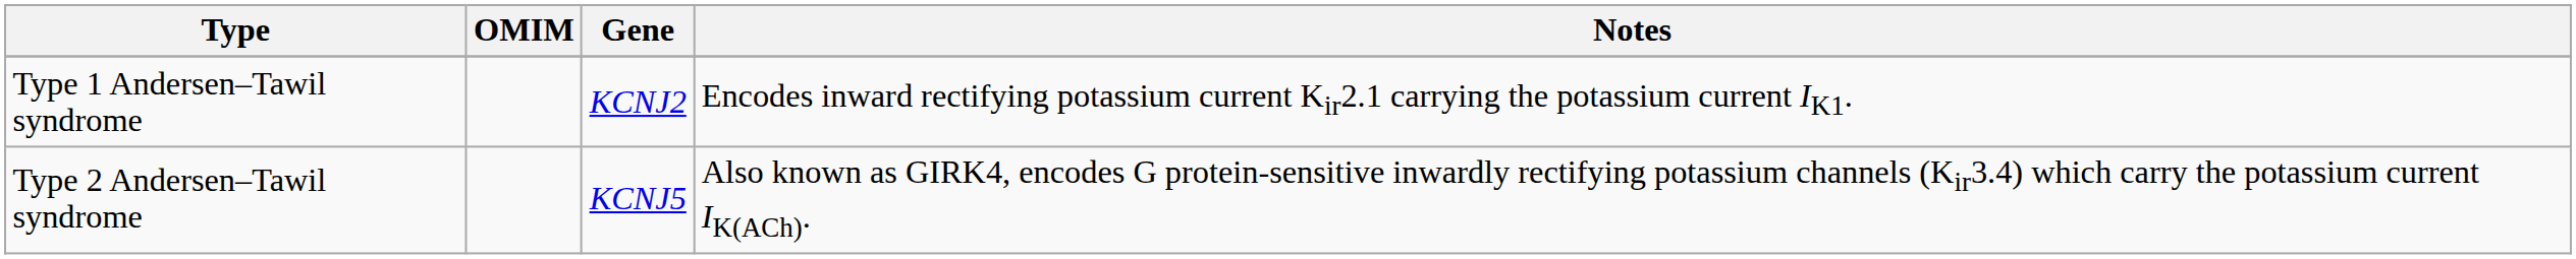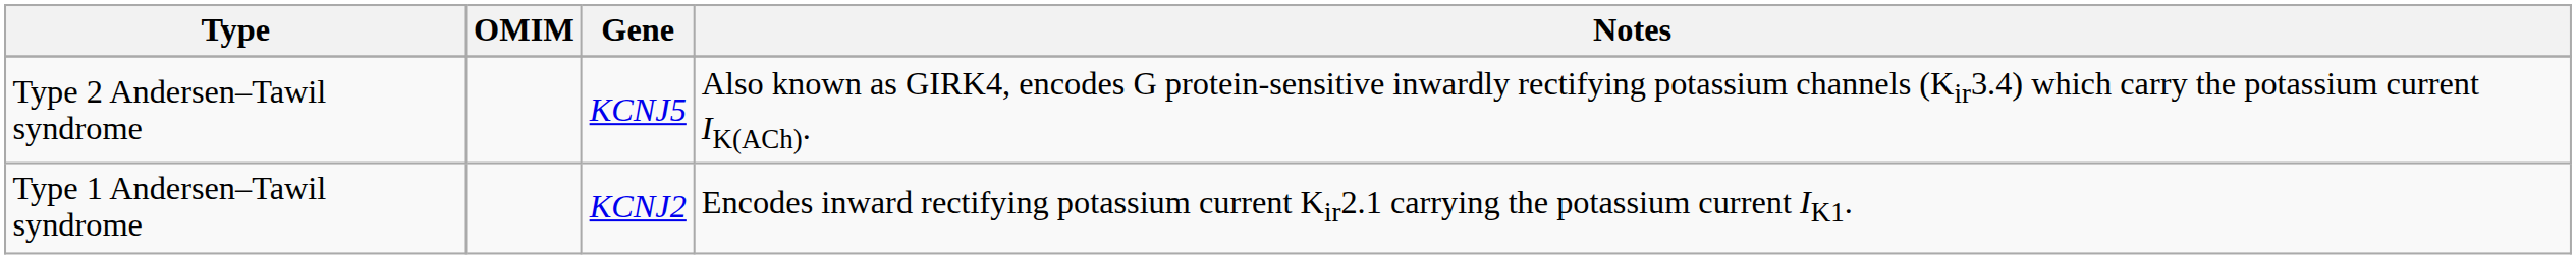 <table class="wikitable">
 <tr>
 <th>Type</th>
 <th>OMIM</th>
 <th>Gene</th>
 <th>Notes</th>
 </tr>
 <tr>
 </tr>
 <tr>
+<td>Type 2 Andersen–Tawil syndrome</td>
+<td></td>
+<td><em><a href='#'>KCNJ5</a></em></td>
+<td>Also known as GIRK4, encodes G protein-sensitive inwardly rectifying potassium channels (K<sub>ir</sub>3.4) which carry the potassium current <em>I</em><sub>K(ACh)</sub>.</td>
+</tr>
+<tr>
 <td>Type 1 Andersen–Tawil syndrome</td>
 <td></td>
 <td><em><a href='#'>KCNJ2</a></em></td>
 <td>Encodes inward rectifying potassium current K<sub>ir</sub>2.1 carrying the potassium current <em>I</em><sub>K1</sub>.</td>
 </tr>
-<tr>
-<td>Type 2 Andersen–Tawil syndrome</td>
-<td></td>
-<td><em><a href='#'>KCNJ5</a></em></td>
-<td>Also known as GIRK4, encodes G protein-sensitive inwardly rectifying potassium channels (K<sub>ir</sub>3.4) which carry the potassium current <em>I</em><sub>K(ACh)</sub>.</td>
-</tr>
 </table>
